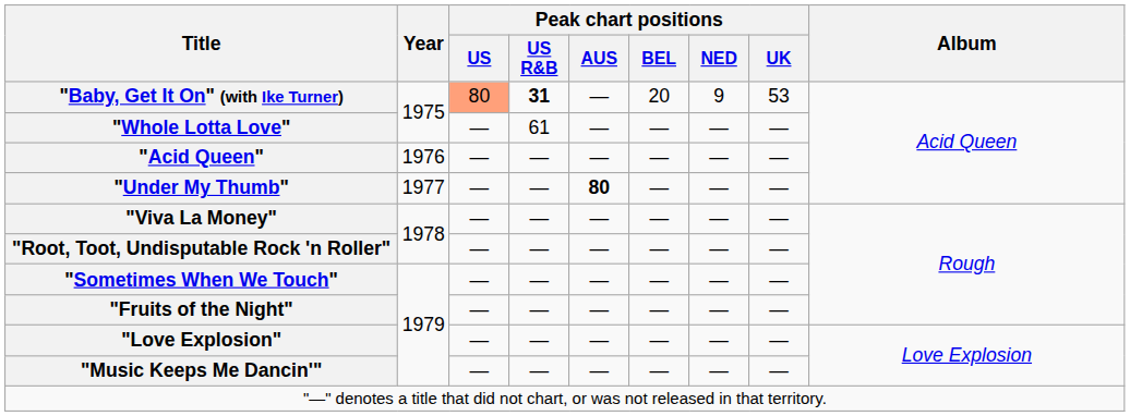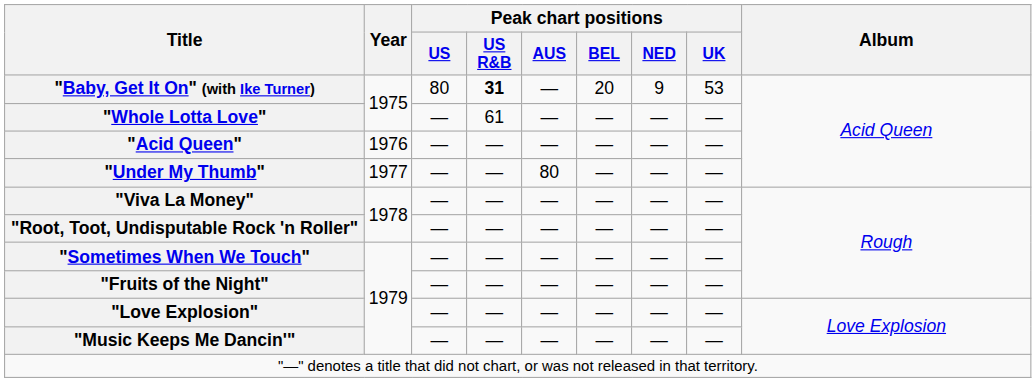 <table class="wikitable plainrowheaders" style="text-align:center;">
 <tr>
 <th scope="col" rowspan="2" style="width:20em;">Title</th>
 <th scope="col" rowspan="2">Year</th>
 <th scope="col" colspan="6">Peak chart positions</th>
 <th scope="col" rowspan="2" style="width:16em;">Album</th>
 </tr>
 <tr>
 <th scope="col" style="width:3em;font-size:90%;"><a href='#'>US</a><br></th>
 <th scope="col" style="width:3em;font-size:90%;"><a href='#'>US R&B</a><br></th>
 <th scope="col" style="width:3em;font-size:90%;"><a href='#'>AUS</a><br></th>
 <th scope="col" style="width:3em;font-size:90%;"><a href='#'>BEL</a><br></th>
 <th scope="col" style="width:3em;font-size:90%;"><a href='#'>NED</a><br></th>
 <th scope="col" style="width:3em;font-size:90%;"><a href='#'>UK</a><br></th>
 </tr>
 <tr>
 <th scope="row">"<a href='#'>Baby, Get It On</a>" <small>(with <a href='#'>Ike Turner</a>)</small></th>
 <td rowspan="2">1975</td>
-<td style="background: lightsalmon;">80</td>
+<td>80</td>
 <td><strong>31</strong></td>
 <td>—</td>
 <td>20</td>
 <td>9</td>
 <td>53</td>
 <td rowspan="4"><em><a href='#'>Acid Queen</a></em></td>
 </tr>
 <tr>
 <th scope="row">"<a href='#'>Whole Lotta Love</a>"</th>
 <td>—</td>
 <td>61</td>
 <td>—</td>
 <td>—</td>
 <td>—</td>
 <td>—</td>
 </tr>
 <tr>
 <th scope="row">"<a href='#'>Acid Queen</a>"</th>
 <td>1976</td>
 <td>—</td>
 <td>—</td>
 <td>—</td>
 <td>—</td>
 <td>—</td>
 <td>—</td>
 </tr>
 <tr>
 <th scope="row">"<a href='#'>Under My Thumb</a>"</th>
 <td>1977</td>
 <td>—</td>
 <td>—</td>
-<td><strong>80</strong></td>
+<td>80</td>
 <td>—</td>
 <td>—</td>
 <td>—</td>
 </tr>
 <tr>
 <th scope="row">"Viva La Money"</th>
 <td rowspan="2">1978</td>
 <td>—</td>
 <td>—</td>
 <td>—</td>
 <td>—</td>
 <td>—</td>
 <td>—</td>
 <td rowspan="4"><em><a href='#'>Rough</a></em></td>
 </tr>
 <tr>
 <th scope="row">"Root, Toot, Undisputable Rock 'n Roller"</th>
 <td>—</td>
 <td>—</td>
 <td>—</td>
 <td>—</td>
 <td>—</td>
 <td>—</td>
 </tr>
 <tr>
 <th scope="row">"<a href='#'>Sometimes When We Touch</a>"</th>
 <td rowspan="4">1979</td>
 <td>—</td>
 <td>—</td>
 <td>—</td>
 <td>—</td>
 <td>—</td>
 <td>—</td>
 </tr>
 <tr>
 <th scope="row">"Fruits of the Night"</th>
 <td>—</td>
 <td>—</td>
 <td>—</td>
 <td>—</td>
 <td>—</td>
 <td>—</td>
 </tr>
 <tr>
 <th scope="row">"Love Explosion"</th>
 <td>—</td>
 <td>—</td>
 <td>—</td>
 <td>—</td>
 <td>—</td>
 <td>—</td>
 <td rowspan="2"><em><a href='#'>Love Explosion</a></em></td>
 </tr>
 <tr>
 <th scope="row">"Music Keeps Me Dancin'"</th>
 <td>—</td>
 <td>—</td>
 <td>—</td>
 <td>—</td>
 <td>—</td>
 <td>—</td>
 </tr>
 <tr>
 <td colspan="9" style="font-size:85%">"—" denotes a title that did not chart, or was not released in that territory.</td>
 </tr>
 </table>
